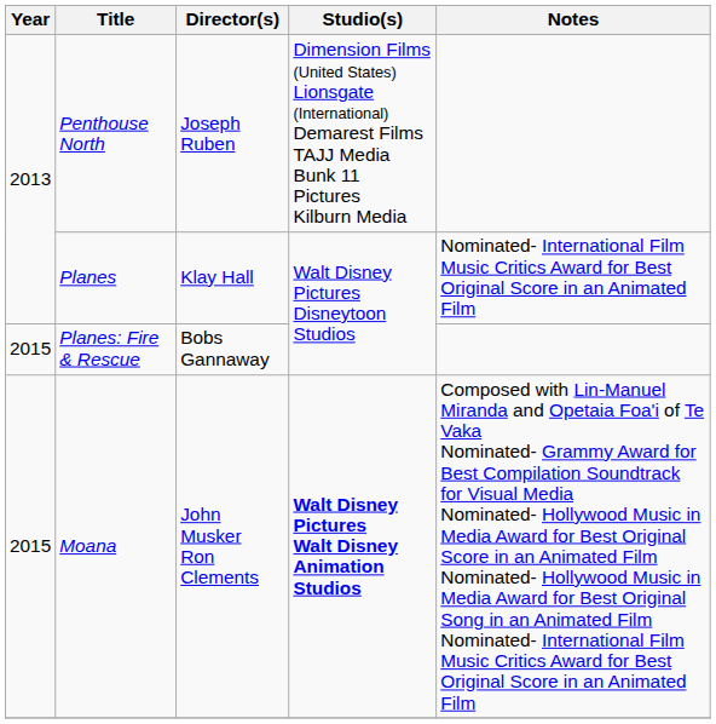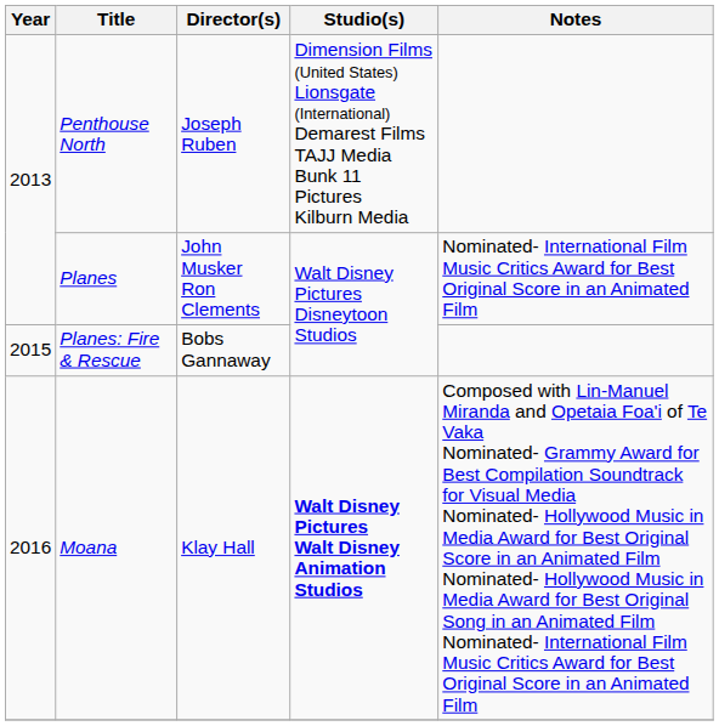 <table class="wikitable">
 <tr>
 <th>Year</th>
 <th>Title</th>
 <th>Director(s)</th>
 <th>Studio(s)</th>
 <th>Notes</th>
 </tr>
 <tr>
 <td rowspan="2">2013</td>
 <td><em><a href='#'>Penthouse North</a></em></td>
 <td><a href='#'>Joseph Ruben</a></td>
 <td><a href='#'>Dimension Films</a> <small>(United States)</small><br><a href='#'>Lionsgate</a> <small>(International)</small><br>Demarest Films<br>TAJJ Media<br>Bunk 11 Pictures<br>Kilburn Media</td>
 <td></td>
 </tr>
 <tr>
 <td><em><a href='#'>Planes</a></em></td>
-<td><a href='#'>Klay Hall</a></td>
+<td><a href='#'>John Musker</a><br><a href='#'>Ron Clements</a></td>
 <td rowspan="2"><a href='#'>Walt Disney Pictures</a><br><a href='#'>Disneytoon Studios</a></td>
 <td>Nominated- <a href='#'>International Film Music Critics Award for Best Original Score in an Animated Film</a></td>
 </tr>
 <tr>
 <td>2015</td>
 <td><em><a href='#'>Planes: Fire & Rescue</a></em></td>
 <td>Bobs Gannaway</td>
 <td></td>
 </tr>
 <tr>
-<td>2015</td>
+<td>2016</td>
 <td><em><a href='#'>Moana</a></em></td>
-<td><a href='#'>John Musker</a><br><a href='#'>Ron Clements</a></td>
+<td><a href='#'>Klay Hall</a></td>
 <td><strong><a href='#'>Walt Disney Pictures</a><br><a href='#'>Walt Disney Animation Studios</a></strong></td>
 <td>Composed with <a href='#'>Lin-Manuel Miranda</a> and <a href='#'>Opetaia Foa'i</a> of <a href='#'>Te Vaka</a><br>Nominated- <a href='#'>Grammy Award for Best Compilation Soundtrack for Visual Media</a><br>Nominated- <a href='#'>Hollywood Music in Media Award for Best Original Score in an Animated Film</a><br>Nominated- <a href='#'>Hollywood Music in Media Award for Best Original Song in an Animated Film</a><br>Nominated- <a href='#'>International Film Music Critics Award for Best Original Score in an Animated Film</a></td>
 </tr>
 <tr>
 </tr>
 </table>
